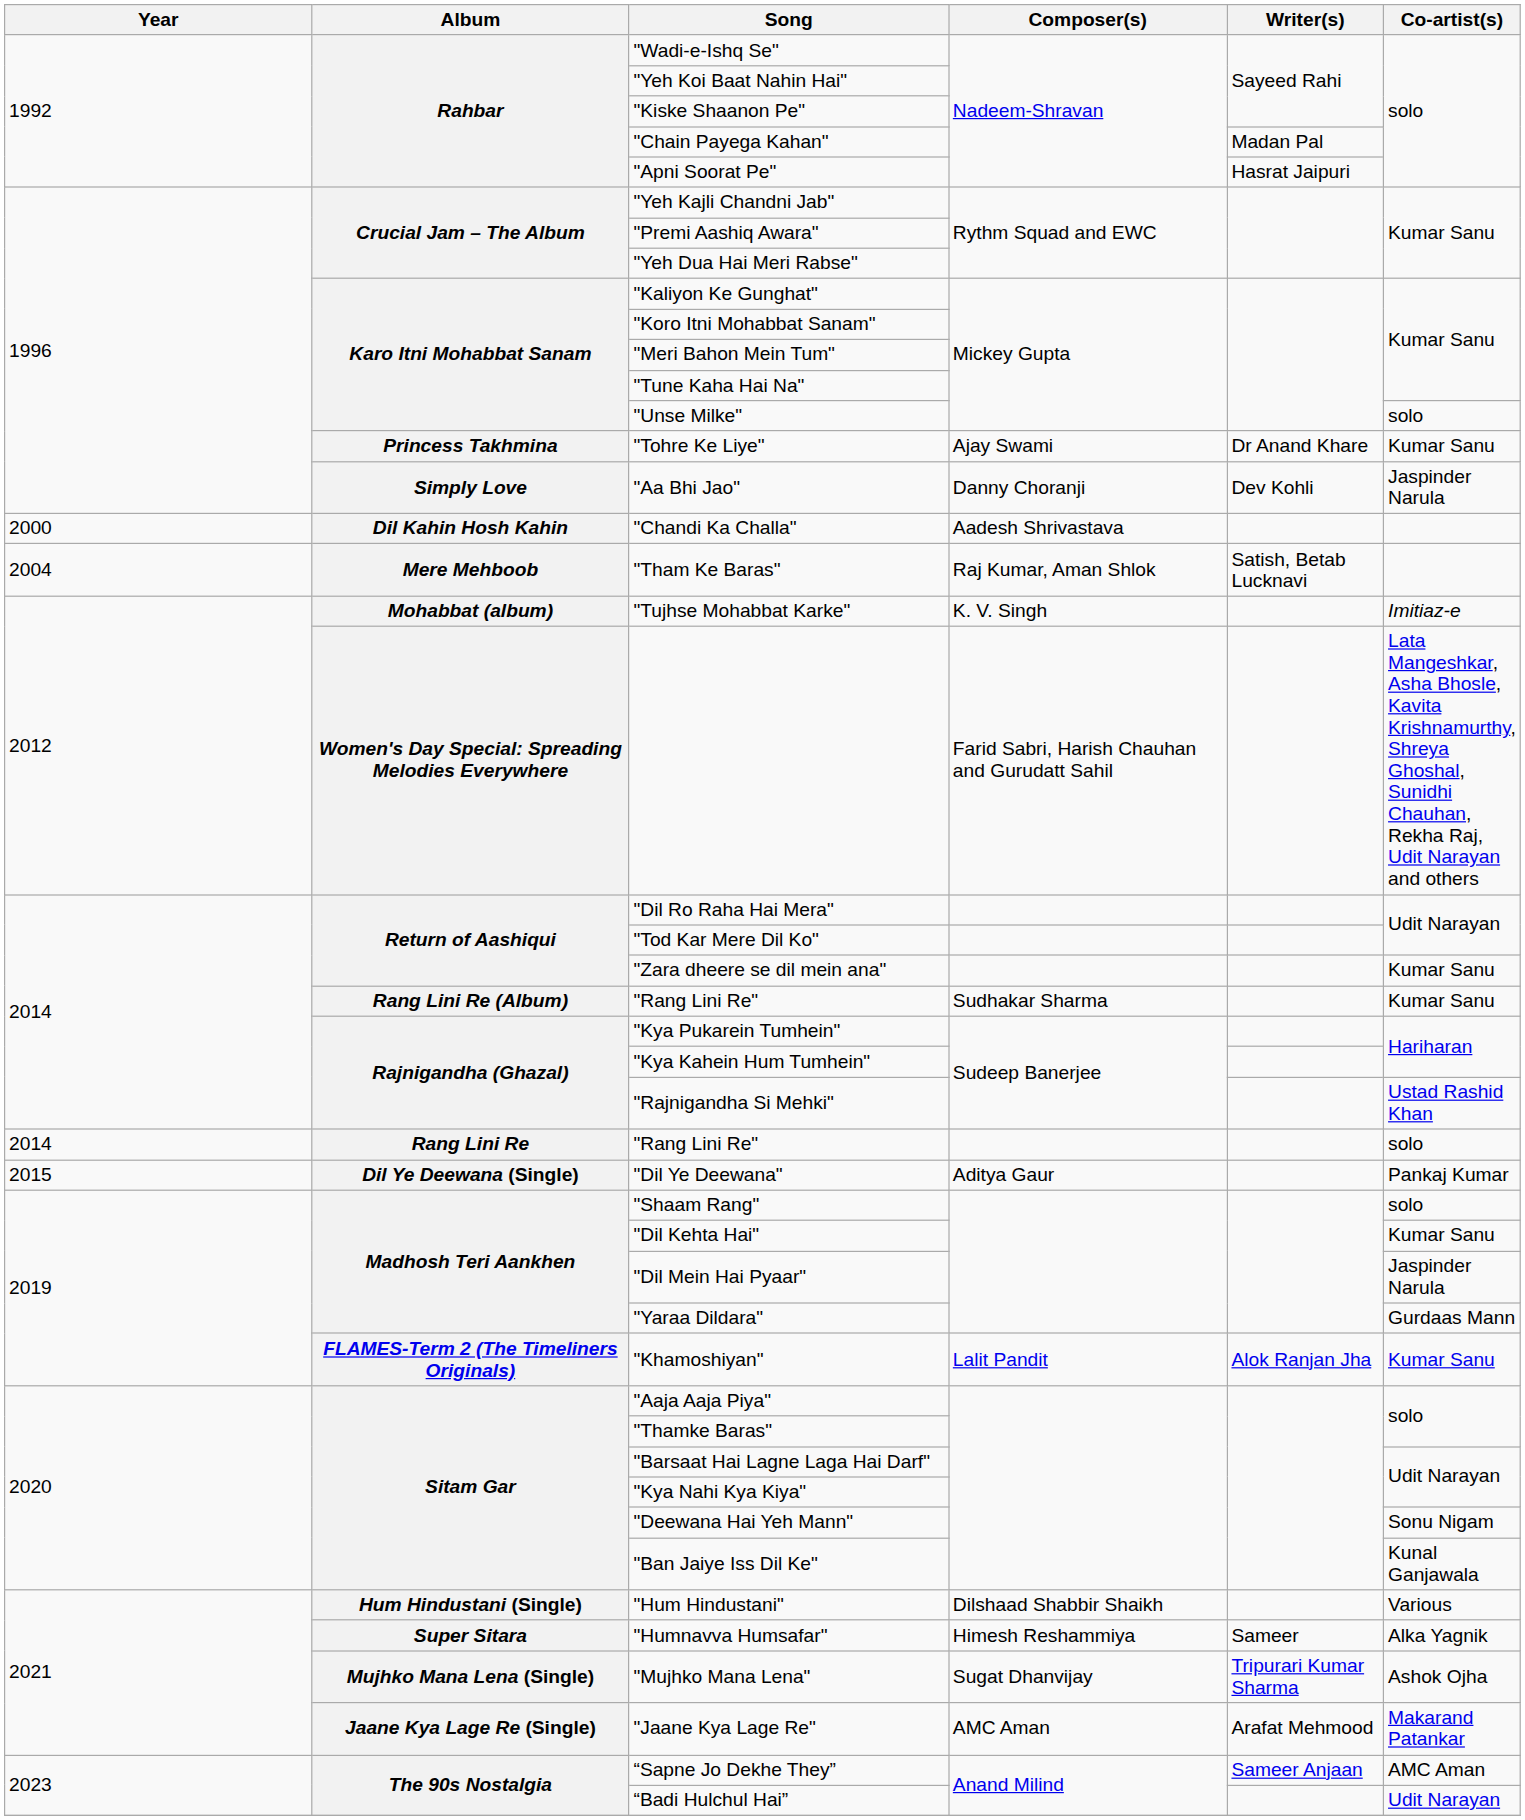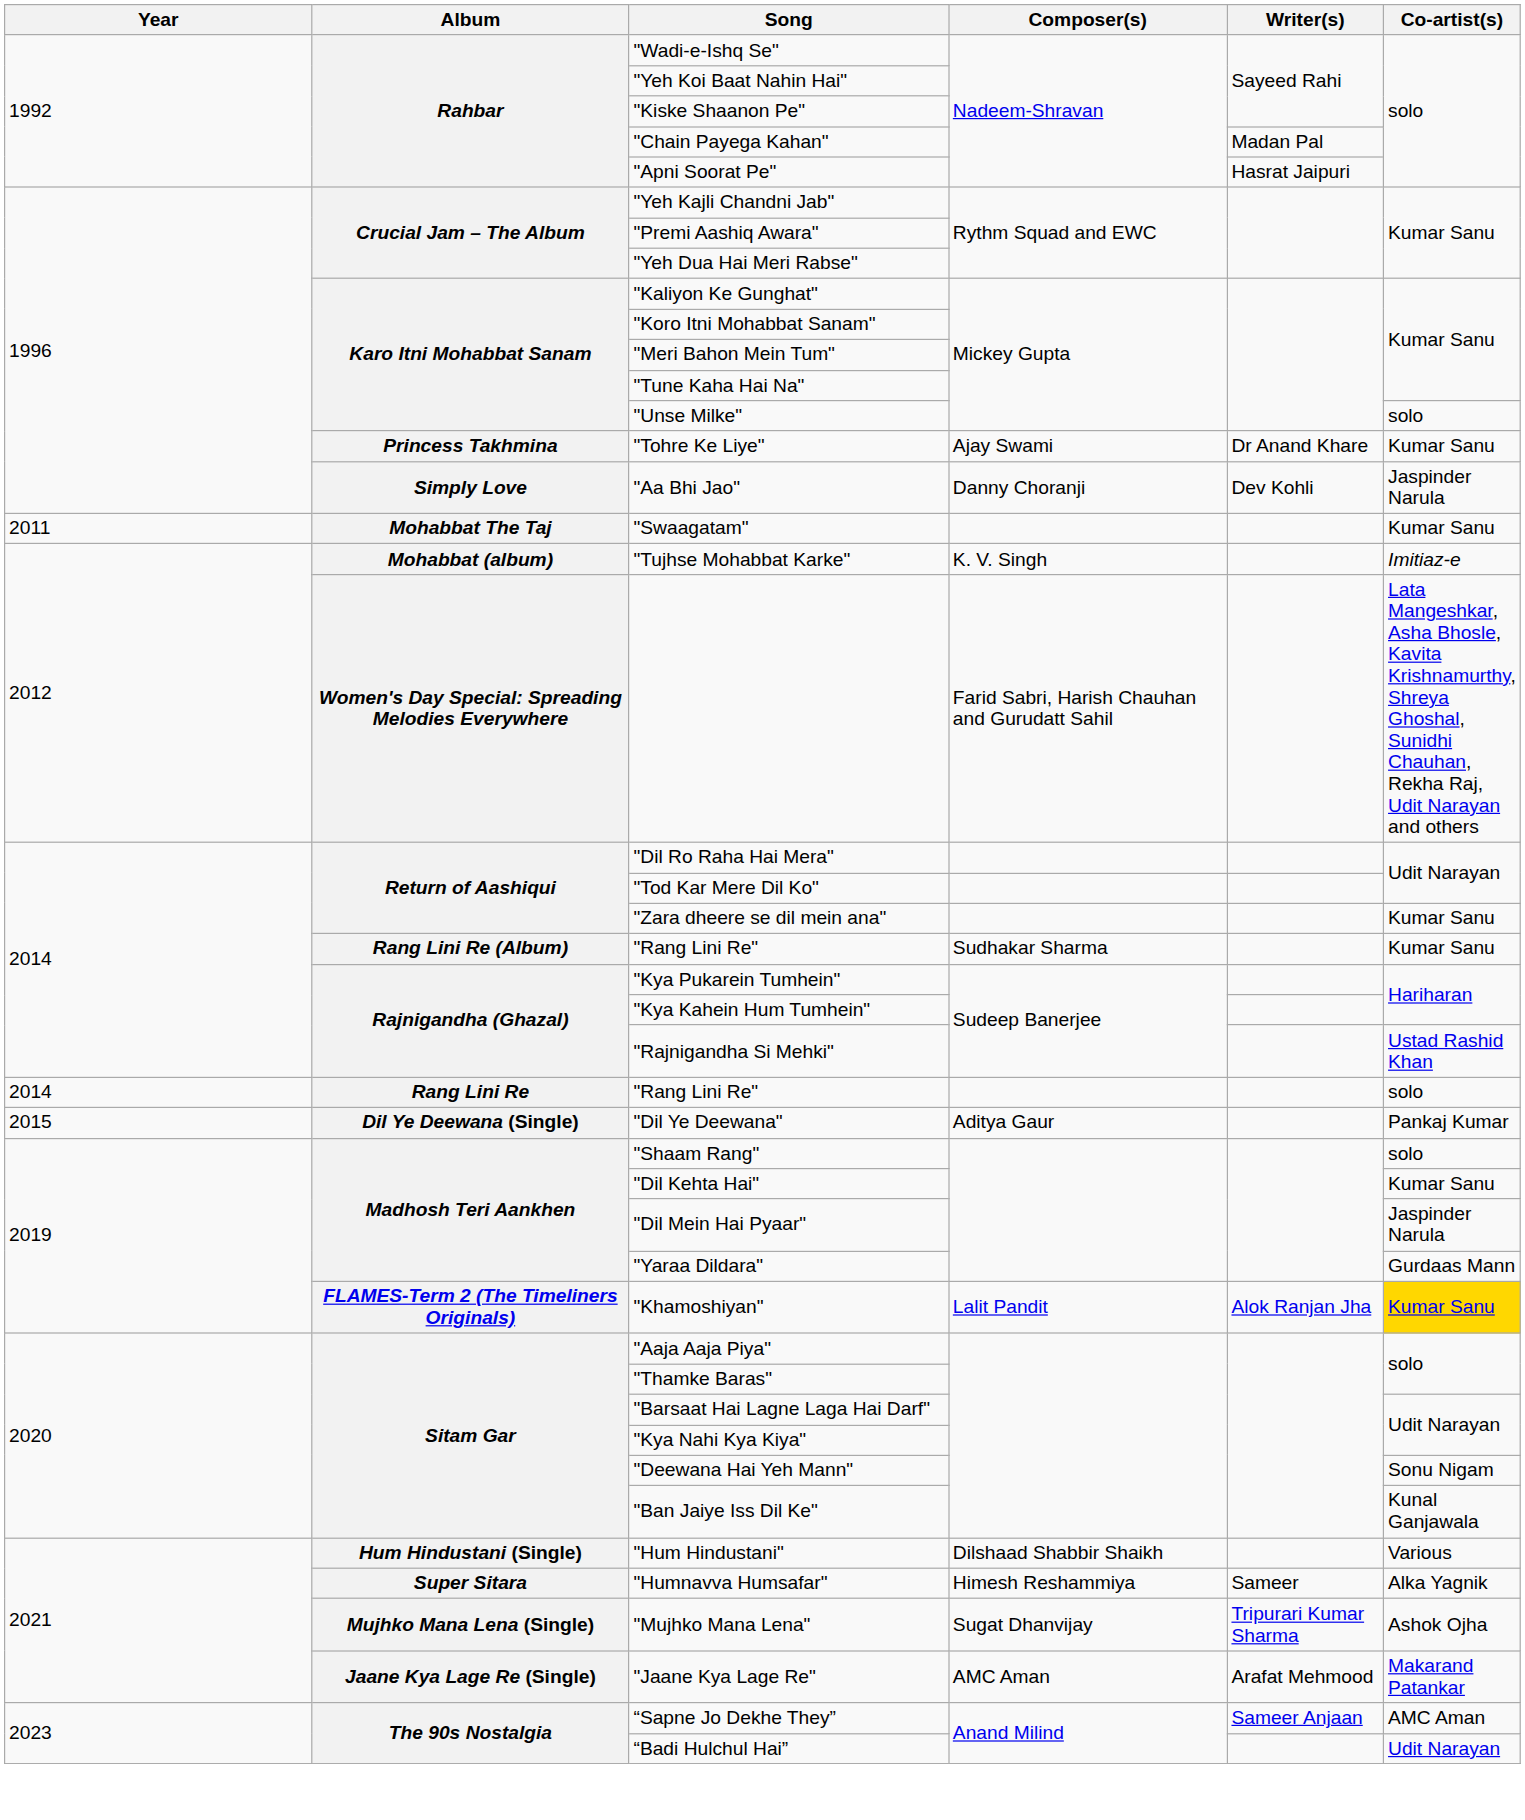 <table class="wikitable plainrowheaders" width="100%" textcolor:#000;">
 <tr style="background:#b0e0e66;">
 <th scope="col" width=23%><strong>Year</strong></th>
 <th scope="col" width=23%><strong>Album</strong></th>
 <th scope="col" width=23%><strong>Song</strong></th>
 <th scope="col" width=20%><strong>Composer(s)</strong></th>
 <th scope="col" width=16%><strong>Writer(s)</strong></th>
 <th scope="col" width=18%><strong>Co-artist(s)</strong></th>
 </tr>
 <tr>
 <td rowspan=5>1992</td>
 <th rowspan=5><em>Rahbar</em></th>
 <td>"Wadi-e-Ishq Se"</td>
 <td rowspan=5><a href='#'>Nadeem-Shravan</a></td>
 <td rowspan=3>Sayeed Rahi</td>
 <td rowspan=5>solo</td>
 </tr>
 <tr>
 <td>"Yeh Koi Baat Nahin Hai"</td>
 </tr>
 <tr>
 <td>"Kiske Shaanon Pe"</td>
 </tr>
 <tr>
 <td>"Chain Payega Kahan"</td>
 <td>Madan Pal</td>
 </tr>
 <tr>
 <td>"Apni Soorat Pe"</td>
 <td>Hasrat Jaipuri</td>
 </tr>
 <tr>
 <td rowspan=10>1996</td>
 <th rowspan=3><em>Crucial Jam – The Album</em></th>
 <td>"Yeh Kajli Chandni Jab"</td>
 <td rowspan=3>Rythm Squad and EWC</td>
 <td rowspan=3></td>
 <td rowspan=3>Kumar Sanu</td>
 </tr>
 <tr>
 <td>"Premi Aashiq Awara"</td>
 </tr>
 <tr>
 <td>"Yeh Dua Hai Meri Rabse"</td>
 </tr>
 <tr>
 <th rowspan=5><em>Karo Itni Mohabbat Sanam</em></th>
 <td>"Kaliyon Ke Gunghat"</td>
 <td rowspan=5>Mickey Gupta</td>
 <td rowspan=5></td>
 <td rowspan=4>Kumar Sanu</td>
 </tr>
 <tr>
 <td>"Koro Itni Mohabbat Sanam"</td>
 </tr>
 <tr>
 <td>"Meri Bahon Mein Tum"</td>
 </tr>
 <tr>
 <td>"Tune Kaha Hai Na"</td>
 </tr>
 <tr>
 <td>"Unse Milke"</td>
 <td>solo</td>
 </tr>
 <tr>
 <th><em>Princess Takhmina</em></th>
 <td>"Tohre Ke Liye"</td>
 <td>Ajay Swami</td>
 <td>Dr Anand Khare</td>
 <td>Kumar Sanu</td>
 </tr>
 <tr>
 <th><em>Simply Love</em></th>
 <td>"Aa Bhi Jao"</td>
 <td>Danny Choranji</td>
 <td>Dev Kohli</td>
 <td>Jaspinder Narula</td>
 </tr>
 <tr>
-<td>2000</td>
-<th><em>Dil Kahin Hosh Kahin</em></th>
-<td>"Chandi Ka Challa"</td>
-<td>Aadesh Shrivastava</td>
+<td>2011</td>
+<th><em>Mohabbat The Taj</em></th>
+<td>"Swaagatam"</td>
 <td></td>
 <td></td>
-</tr>
-<tr>
-<td>2004</td>
-<th><em>Mere Mehboob</em></th>
-<td>"Tham Ke Baras"</td>
-<td>Raj Kumar, Aman Shlok</td>
-<td>Satish, Betab Lucknavi</td>
-<td></td>
+<td>Kumar Sanu</td>
 </tr>
 <tr>
 <td rowspan="2">2012</td>
 <th><em>Mohabbat (album)</em></th>
 <td>"Tujhse Mohabbat Karke"</td>
 <td>K. V. Singh</td>
 <td></td>
 <td><em>Imitiaz-e</em></td>
 </tr>
 <tr>
 <th><em>Women's Day Special: Spreading Melodies Everywhere</em></th>
 <td></td>
 <td>Farid Sabri, Harish Chauhan and Gurudatt Sahil</td>
 <td></td>
 <td><a href='#'>Lata Mangeshkar</a>, <a href='#'>Asha Bhosle</a>, <a href='#'>Kavita Krishnamurthy</a>, <a href='#'>Shreya Ghoshal</a>, <a href='#'>Sunidhi Chauhan</a>, Rekha Raj, <a href='#'>Udit Narayan</a> and others</td>
 </tr>
 <tr>
 <td rowspan=7>2014</td>
 <th rowspan="3"><em>Return of Aashiqui</em></th>
 <td>"Dil Ro Raha Hai Mera"</td>
 <td></td>
 <td></td>
 <td rowspan="2">Udit Narayan</td>
 </tr>
 <tr>
 <td>"Tod Kar Mere Dil Ko"</td>
 <td></td>
 </tr>
 <tr>
 <td>"Zara dheere se dil mein ana"</td>
 <td></td>
 <td></td>
 <td>Kumar Sanu</td>
 </tr>
 <tr>
 <th><em>Rang Lini Re (Album)</em></th>
 <td>"Rang Lini Re"</td>
 <td>Sudhakar Sharma</td>
 <td></td>
 <td>Kumar Sanu</td>
 </tr>
 <tr>
 <th rowspan="3"><em>Rajnigandha (Ghazal)</em></th>
 <td>"Kya Pukarein Tumhein"</td>
 <td rowspan="3">Sudeep Banerjee</td>
 <td></td>
 <td rowspan="2"><a href='#'>Hariharan</a></td>
 </tr>
 <tr>
 <td>"Kya Kahein Hum Tumhein"</td>
 <td></td>
 </tr>
 <tr>
 <td>"Rajnigandha Si Mehki"</td>
 <td></td>
 <td><a href='#'>Ustad Rashid Khan</a></td>
 </tr>
 <tr>
 <td>2014</td>
 <th><em>Rang Lini Re</em></th>
 <td>"Rang Lini Re"</td>
 <td></td>
 <td></td>
 <td>solo</td>
 </tr>
 <tr>
 <td>2015</td>
 <th><em>Dil Ye Deewana</em> (Single)</th>
 <td>"Dil Ye Deewana"</td>
 <td>Aditya Gaur</td>
 <td></td>
 <td>Pankaj Kumar</td>
 </tr>
 <tr>
 <td rowspan=5>2019</td>
 <th rowspan=4><em>Madhosh Teri Aankhen</em></th>
 <td>"Shaam Rang"</td>
 <td rowspan=4></td>
 <td rowspan=4></td>
 <td rowspan=1>solo</td>
 </tr>
 <tr>
 <td>"Dil Kehta Hai"</td>
 <td>Kumar Sanu</td>
 </tr>
 <tr>
 <td>"Dil Mein Hai Pyaar"</td>
 <td>Jaspinder Narula</td>
 </tr>
 <tr>
 <td>"Yaraa Dildara"</td>
 <td>Gurdaas Mann</td>
 </tr>
 <tr>
 <th><em><a href='#'>FLAMES-Term 2 (The Timeliners Originals)</a></em></th>
 <td>"Khamoshiyan"</td>
 <td><a href='#'>Lalit Pandit</a></td>
 <td><a href='#'>Alok Ranjan Jha</a></td>
-<td><a href='#'>Kumar Sanu</a></td>
+<td style="background: gold;"><a href='#'>Kumar Sanu</a></td>
 </tr>
 <tr>
 <td rowspan=6>2020</td>
 <th rowspan=6><em>Sitam Gar</em></th>
 <td>"Aaja Aaja Piya"</td>
 <td rowspan=6></td>
 <td rowspan=6></td>
 <td rowspan=2>solo</td>
 </tr>
 <tr>
 <td>"Thamke Baras"</td>
 </tr>
 <tr>
 <td>"Barsaat Hai Lagne Laga Hai Darf"</td>
 <td rowspan=2>Udit Narayan</td>
 </tr>
 <tr>
 <td>"Kya Nahi Kya Kiya"</td>
 </tr>
 <tr>
 <td>"Deewana Hai Yeh Mann"</td>
 <td>Sonu Nigam</td>
 </tr>
 <tr>
 <td>"Ban Jaiye Iss Dil Ke"</td>
 <td>Kunal Ganjawala</td>
 </tr>
 <tr>
 <td rowspan=4>2021</td>
 <th><em>Hum Hindustani</em> (Single)</th>
 <td>"Hum Hindustani"</td>
 <td>Dilshaad Shabbir Shaikh</td>
 <td></td>
 <td>Various</td>
 </tr>
 <tr>
 <th><em>Super Sitara</em></th>
 <td>"Humnavva Humsafar"</td>
 <td>Himesh Reshammiya</td>
 <td>Sameer</td>
 <td>Alka Yagnik</td>
 </tr>
 <tr>
 <th><em>Mujhko Mana Lena</em> (Single)</th>
 <td>"Mujhko Mana Lena"</td>
 <td>Sugat Dhanvijay</td>
 <td><a href='#'>Tripurari Kumar Sharma</a></td>
 <td>Ashok Ojha</td>
 </tr>
 <tr>
 <th><em>Jaane Kya Lage Re</em> (Single)</th>
 <td>"Jaane Kya Lage Re"</td>
 <td>AMC Aman</td>
 <td>Arafat Mehmood</td>
 <td><a href='#'>Makarand Patankar</a></td>
 </tr>
 <tr>
 <td rowspan="2">2023</td>
 <th rowspan="2"><em>The 90s Nostalgia</em></th>
 <td>“Sapne Jo Dekhe They”</td>
 <td rowspan="2"><a href='#'>Anand Milind</a></td>
 <td><a href='#'>Sameer Anjaan</a></td>
 <td>AMC Aman</td>
 </tr>
 <tr>
 <td>“Badi Hulchul Hai”</td>
 <td></td>
 <td><a href='#'>Udit Narayan</a></td>
 </tr>
 <tr>
 </tr>
 </table>
